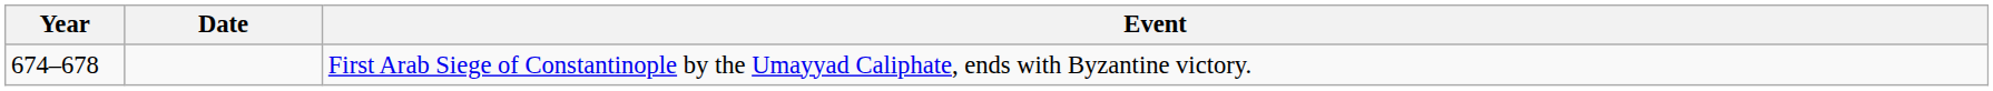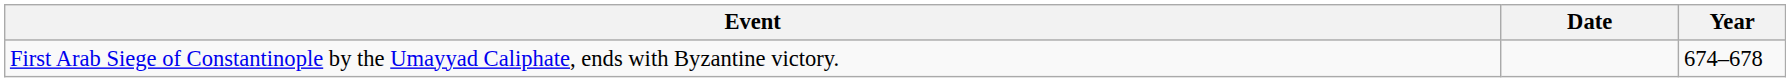 <table class="wikitable" width="100%">
 <tr>
+<th>Event</th>
+<th style="width:10%">Date</th>
 <th style="width:6%">Year</th>
-<th style="width:10%">Date</th>
-<th>Event</th>
 </tr>
 <tr>
+<td><a href='#'>First Arab Siege of Constantinople</a> by the <a href='#'>Umayyad Caliphate</a>, ends with Byzantine victory.</td>
+<td></td>
 <td>674–678</td>
-<td></td>
-<td><a href='#'>First Arab Siege of Constantinople</a> by the <a href='#'>Umayyad Caliphate</a>, ends with Byzantine victory.</td>
 </tr>
 </table>
